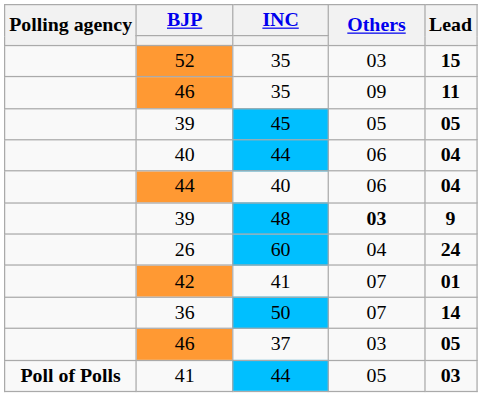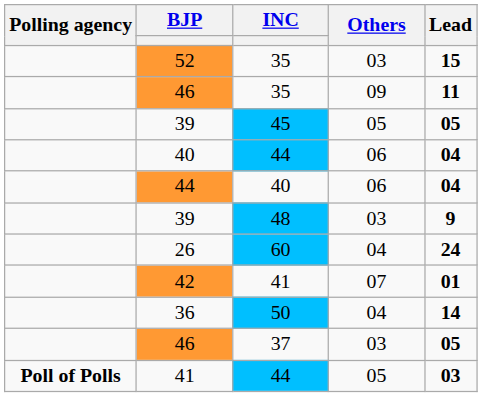 <table class="wikitable collapsible sortable" style="text-align:center">
 <tr>
 <th rowspan="2">Polling agency</th>
 <th style="width:70px;"><a href='#'>BJP</a></th>
 <th style="width:70px;"><a href='#'>INC</a></th>
 <th rowspan="2" style="width:70px;"><a href='#'>Others</a></th>
 <th rowspan="2">Lead</th>
 </tr>
 <tr>
 <th Style="background:"></th>
 <th Style="background:"></th>
 </tr>
 <tr>
 <td></td>
 <td style="background:#f93;">52</td>
 <td>35</td>
 <td>03</td>
 <td Style="background:"><span><strong>15</strong></span></td>
 </tr>
 <tr>
 <td></td>
 <td style="background:#f93;">46</td>
 <td>35</td>
 <td>09</td>
 <td Style="background:"><span><strong>11</strong></span></td>
 </tr>
 <tr>
 <td></td>
 <td>39</td>
 <td Style="background:#00BFFF">45</td>
 <td>05</td>
 <td Style="background:"><span><strong>05</strong></span></td>
 </tr>
 <tr>
 <td></td>
 <td>40</td>
 <td Style="background:#00BFFF">44</td>
 <td>06</td>
 <td Style="background:"><span><strong>04</strong></span></td>
 </tr>
 <tr>
 <td></td>
 <td style="background:#f93;">44</td>
 <td>40</td>
 <td>06</td>
 <td Style="background:"><span><strong>04</strong></span></td>
 </tr>
 <tr>
 <td></td>
 <td>39</td>
 <td Style="background:#00BFFF">48</td>
-<td><strong>03</strong></td>
+<td>03</td>
 <td Style="background:"><span><strong>9</strong></span></td>
 </tr>
 <tr>
 <td></td>
 <td>26</td>
 <td Style="background:#00BFFF">60</td>
 <td>04</td>
 <td Style="background:"><span><strong>24</strong></span></td>
 </tr>
 <tr>
 <td></td>
 <td style="background:#f93;">42</td>
 <td>41</td>
 <td>07</td>
 <td Style="background:"><span><strong>01</strong></span></td>
 </tr>
 <tr>
 <td></td>
 <td>36</td>
 <td Style="background:#00BFFF">50</td>
-<td>07</td>
+<td>04</td>
 <td Style="background:"><span><strong>14</strong></span></td>
 </tr>
 <tr>
 <td></td>
 <td style="background:#f93;">46</td>
 <td>37</td>
 <td>03</td>
 <td Style="background:"><span><strong>05</strong></span></td>
 </tr>
 <tr>
 <td><strong> Poll of Polls</strong></td>
 <td>41</td>
 <td Style="background:#00BFFF">44</td>
 <td>05</td>
 <td Style="background:"><span><strong>03</strong></span></td>
 </tr>
 </table>
